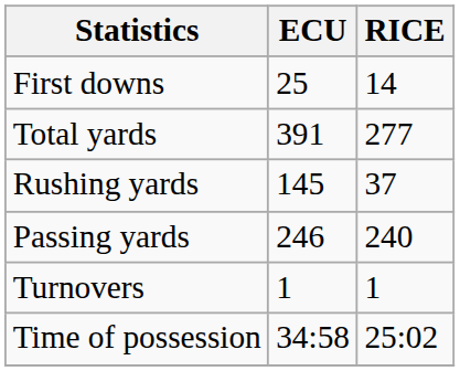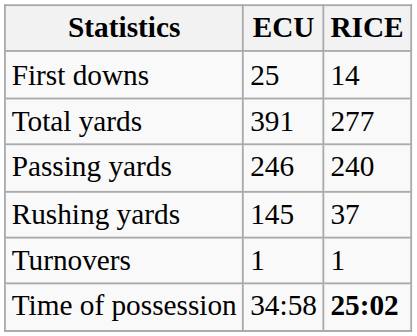 <table class="wikitable" style="float: left;">
 <tr>
 <th>Statistics</th>
 <th>ECU</th>
 <th>RICE</th>
 </tr>
 <tr>
 <td>First downs</td>
 <td>25</td>
 <td>14</td>
 </tr>
 <tr>
 <td>Total yards</td>
 <td>391</td>
 <td>277</td>
 </tr>
 <tr>
+<td>Passing yards</td>
+<td>246</td>
+<td>240</td>
+</tr>
+<tr>
 <td>Rushing yards</td>
 <td>145</td>
 <td>37</td>
-</tr>
-<tr>
-<td>Passing yards</td>
-<td>246</td>
-<td>240</td>
 </tr>
 <tr>
 <td>Turnovers</td>
 <td>1</td>
 <td>1</td>
 </tr>
 <tr>
 <td>Time of possession</td>
 <td>34:58</td>
-<td>25:02</td>
+<td><strong>25:02</strong></td>
 </tr>
 <tr>
 </tr>
 </table>
